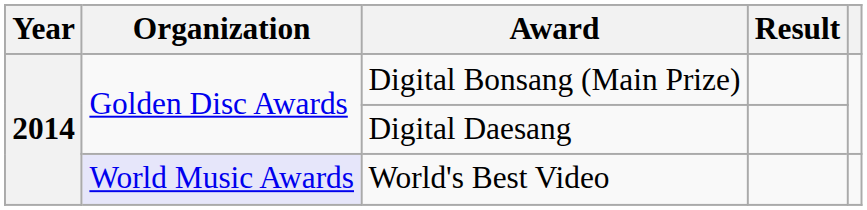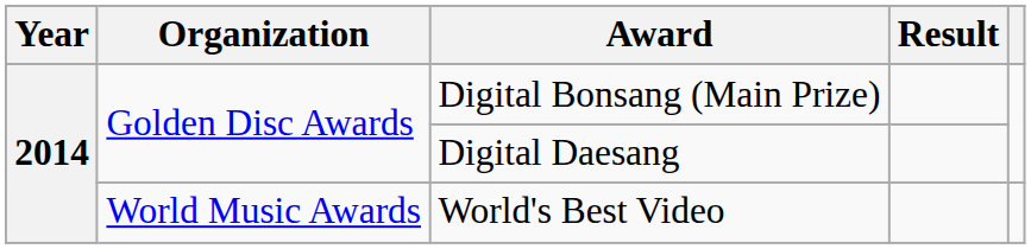 <table class="wikitable plainrowheaders">
 <tr>
 <th scope="col">Year</th>
 <th scope="col">Organization</th>
 <th scope="col">Award</th>
 <th scope="col">Result</th>
 <th class="unsortable"></th>
 </tr>
 <tr>
 <th rowspan="3" scope="row">2014</th>
 <td rowspan="2"><a href='#'>Golden Disc Awards</a></td>
 <td>Digital Bonsang (Main Prize)</td>
 <td></td>
 <td style="text-align:center;" rowspan="2"></td>
 </tr>
 <tr>
 <td>Digital Daesang</td>
 <td></td>
 </tr>
 <tr>
-<td style="background: lavender;"><a href='#'>World Music Awards</a></td>
+<td><a href='#'>World Music Awards</a></td>
 <td>World's Best Video</td>
 <td></td>
 <td style="text-align:center;"></td>
 </tr>
 </table>
